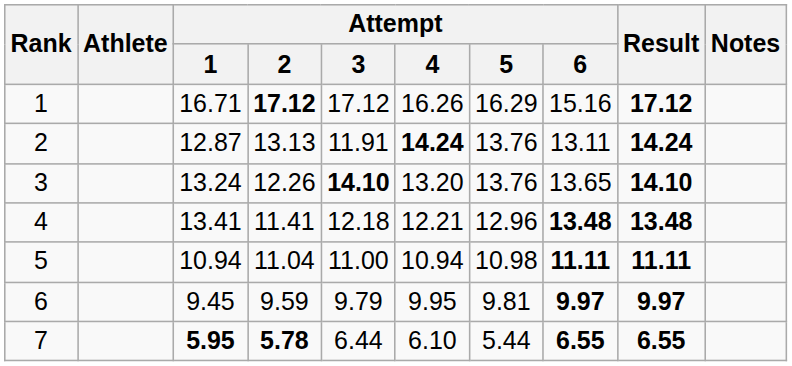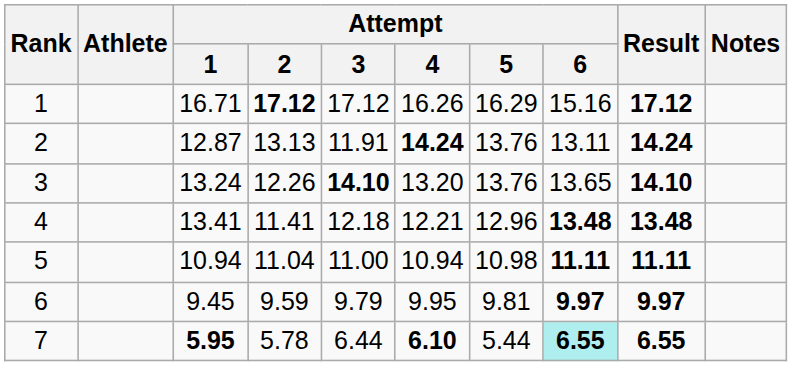 <table class='wikitable'>
 <tr>
 <th rowspan=2>Rank</th>
 <th rowspan=2>Athlete</th>
 <th colspan=6>Attempt</th>
 <th rowspan=2>Result</th>
 <th rowspan=2>Notes</th>
 </tr>
 <tr>
 <th>1</th>
 <th>2</th>
 <th>3</th>
 <th>4</th>
 <th>5</th>
 <th>6</th>
 </tr>
 <tr align=center>
 <td>1</td>
 <td align=left></td>
 <td>16.71</td>
 <td><strong>17.12</strong></td>
 <td>17.12</td>
 <td>16.26</td>
 <td>16.29</td>
 <td>15.16</td>
 <td><strong>17.12</strong></td>
 <td></td>
 </tr>
 <tr align=center>
 <td>2</td>
 <td align=left></td>
 <td>12.87</td>
 <td>13.13</td>
 <td>11.91</td>
 <td><strong>14.24</strong></td>
 <td>13.76</td>
 <td>13.11</td>
 <td><strong>14.24</strong></td>
 <td></td>
 </tr>
 <tr align=center>
 <td>3</td>
 <td align=left></td>
 <td>13.24</td>
 <td>12.26</td>
 <td><strong>14.10</strong></td>
 <td>13.20</td>
 <td>13.76</td>
 <td>13.65</td>
 <td><strong>14.10</strong></td>
 <td></td>
 </tr>
 <tr align=center>
 <td>4</td>
 <td align=left></td>
 <td>13.41</td>
 <td>11.41</td>
 <td>12.18</td>
 <td>12.21</td>
 <td>12.96</td>
 <td><strong>13.48</strong></td>
 <td><strong>13.48</strong></td>
 <td></td>
 </tr>
 <tr align=center>
 <td>5</td>
 <td align=left></td>
 <td>10.94</td>
 <td>11.04</td>
 <td>11.00</td>
 <td>10.94</td>
 <td>10.98</td>
 <td><strong>11.11</strong></td>
 <td><strong>11.11</strong></td>
 <td></td>
 </tr>
 <tr align=center>
 <td>6</td>
 <td align=left></td>
 <td>9.45</td>
 <td>9.59</td>
 <td>9.79</td>
 <td>9.95</td>
 <td>9.81</td>
 <td><strong>9.97</strong></td>
 <td><strong>9.97</strong></td>
 <td></td>
 </tr>
 <tr align=center>
 <td>7</td>
 <td align=left></td>
 <td><strong>5.95</strong></td>
-<td><strong>5.78</strong></td>
+<td>5.78</td>
 <td>6.44</td>
-<td>6.10</td>
+<td><strong>6.10</strong></td>
 <td>5.44</td>
-<td><strong>6.55</strong></td>
+<td style="background: paleturquoise;"><strong>6.55</strong></td>
 <td><strong>6.55</strong></td>
 <td></td>
 </tr>
 </table>
